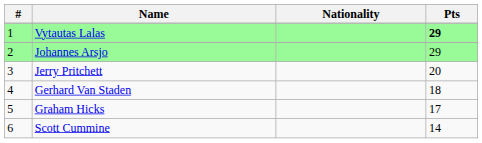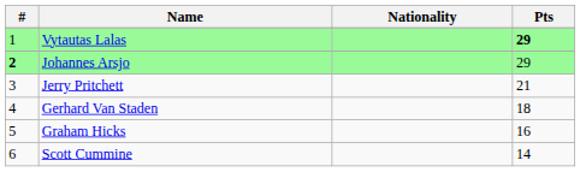 <table class="wikitable" style="display: inline-table; width: 50%;">
 <tr>
 <th>#</th>
 <th>Name</th>
 <th>Nationality</th>
 <th>Pts</th>
 </tr>
 <tr>
 </tr>
 <tr style="background:palegreen;">
 <td>1</td>
 <td><a href='#'>Vytautas Lalas</a></td>
 <td></td>
 <td><strong>29</strong></td>
 </tr>
 <tr>
 </tr>
 <tr style="background:palegreen;">
-<td>2</td>
+<td><strong>2</strong></td>
 <td><a href='#'>Johannes Arsjo</a></td>
 <td></td>
 <td>29</td>
 </tr>
 <tr>
 <td>3</td>
 <td><a href='#'>Jerry Pritchett</a></td>
 <td></td>
-<td>20</td>
+<td>21</td>
 </tr>
 <tr>
 <td>4</td>
 <td><a href='#'>Gerhard Van Staden</a></td>
 <td></td>
 <td>18</td>
 </tr>
 <tr>
 <td>5</td>
 <td><a href='#'>Graham Hicks</a></td>
 <td></td>
-<td>17</td>
+<td>16</td>
 </tr>
 <tr>
 <td>6</td>
 <td><a href='#'>Scott Cummine</a></td>
 <td></td>
 <td>14</td>
 </tr>
 </table>
